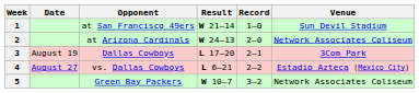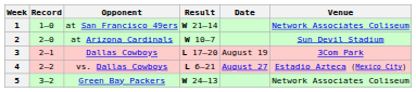 <table class="wikitable" style="text-align:center">
 <tr>
 <th>Week</th>
-<th>Date</th>
+<th>Record</th>
 <th>Opponent</th>
 <th>Result</th>
-<th>Record</th>
+<th>Date</th>
 <th>Venue</th>
 </tr>
 <tr style="background:#cfc">
 <th>1</th>
-<td></td>
+<td>1–0</td>
 <td>at <a href='#'>San Francisco 49ers</a></td>
 <td><strong>W</strong> 21–14</td>
-<td>1–0</td>
-<td><a href='#'>Sun Devil Stadium</a></td>
+<td></td>
+<td><a href='#'>Network Associates Coliseum</a></td>
 </tr>
 <tr style="background:#cfc">
 <th>2</th>
+<td>2–0</td>
+<td>at <a href='#'>Arizona Cardinals</a></td>
+<td><strong>W</strong> 10–7</td>
 <td></td>
-<td>at <a href='#'>Arizona Cardinals</a></td>
-<td><strong>W</strong> 24–13</td>
-<td>2–0</td>
-<td><a href='#'>Network Associates Coliseum</a></td>
+<td><a href='#'>Sun Devil Stadium</a></td>
 </tr>
 <tr style="background:#fcc">
 <th>3</th>
-<td>August 19</td>
+<td>2–1</td>
 <td><a href='#'>Dallas Cowboys</a></td>
 <td><strong>L</strong> 17–20</td>
-<td>2–1</td>
+<td>August 19</td>
 <td><a href='#'>3Com Park</a></td>
 </tr>
 <tr style="background:#fcc">
 <th>4</th>
-<td><a href='#'>August 27</a></td>
+<td>2–2</td>
 <td>vs. <a href='#'>Dallas Cowboys</a></td>
 <td><strong>L</strong> 6–21</td>
-<td>2–2</td>
+<td><a href='#'>August 27</a></td>
 <td> <a href='#'>Estadio Azteca</a> <small>(<a href='#'>Mexico City</a>)</small></td>
 </tr>
 <tr style="background:#cfc">
 <th>5</th>
+<td>3–2</td>
+<td><a href='#'>Green Bay Packers</a></td>
+<td><strong>W</strong> 24–13</td>
 <td></td>
-<td><a href='#'>Green Bay Packers</a></td>
-<td><strong>W</strong> 10–7</td>
-<td>3–2</td>
 <td>Network Associates Coliseum</td>
 </tr>
 </table>
